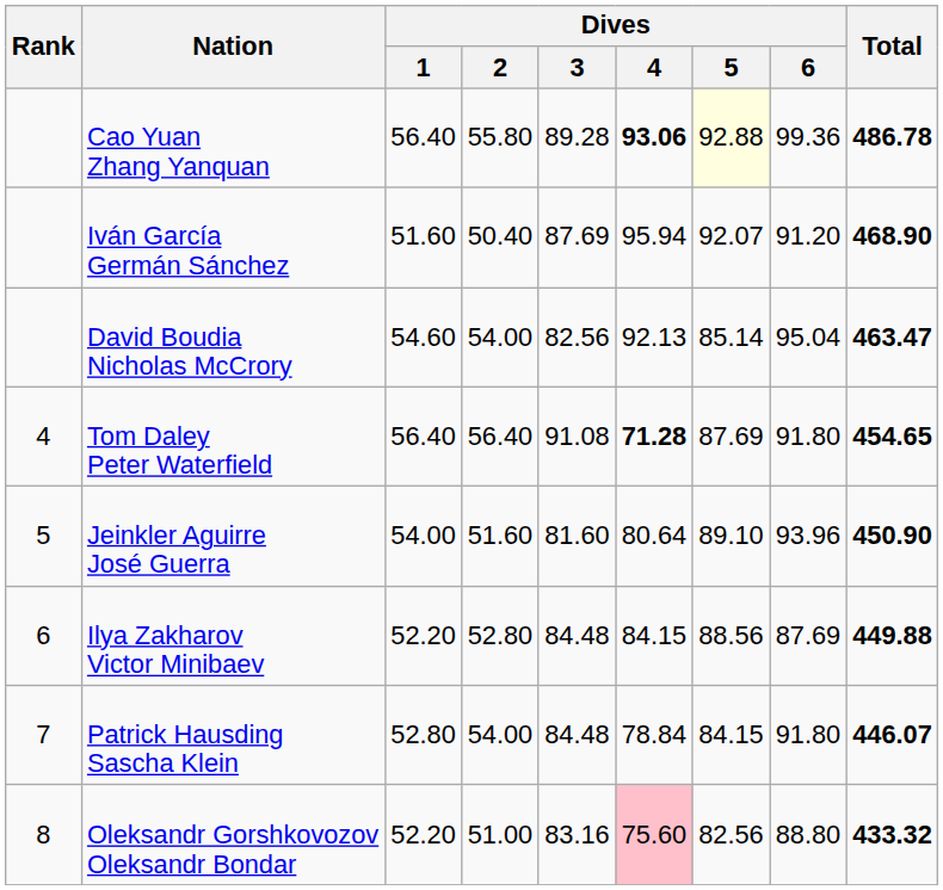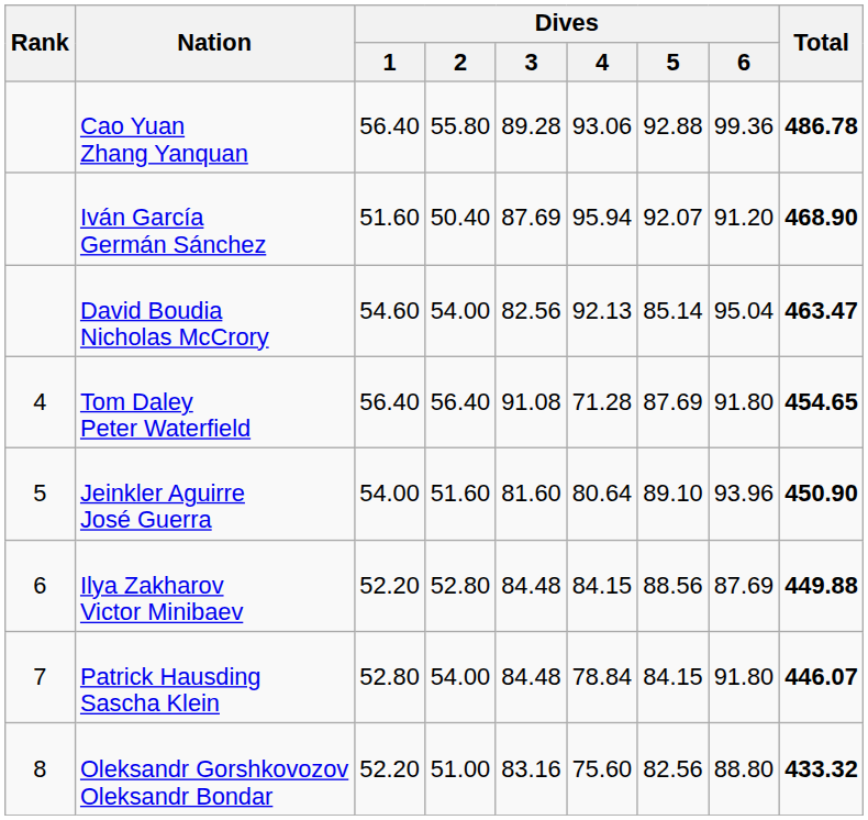 <table class="wikitable sortable">
 <tr>
 <th rowspan="2">Rank</th>
 <th rowspan="2">Nation</th>
 <th colspan="6">Dives</th>
 <th rowspan="2">Total</th>
 </tr>
 <tr>
 <th>1</th>
 <th>2</th>
 <th>3</th>
 <th>4</th>
 <th>5</th>
 <th>6</th>
 </tr>
 <tr>
 <td align="center"></td>
 <td><br><a href='#'>Cao Yuan</a><br><a href='#'>Zhang Yanquan</a></td>
 <td align="center">56.40</td>
 <td align="center">55.80</td>
 <td align="center">89.28</td>
-<td align="center"><strong>93.06</strong></td>
-<td align="center" style="background: lightyellow;">92.88</td>
+<td align="center">93.06</td>
+<td align="center">92.88</td>
 <td align="center">99.36</td>
 <td align="center"><strong>486.78</strong></td>
 </tr>
 <tr>
 <td align="center"></td>
 <td><br><a href='#'>Iván García</a><br><a href='#'>Germán Sánchez</a></td>
 <td align="center">51.60</td>
 <td align="center">50.40</td>
 <td align="center">87.69</td>
 <td align="center">95.94</td>
 <td align="center">92.07</td>
 <td align="center">91.20</td>
 <td align="center"><strong>468.90</strong></td>
 </tr>
 <tr>
 <td align="center"></td>
 <td><br><a href='#'>David Boudia</a><br><a href='#'>Nicholas McCrory</a></td>
 <td align="center">54.60</td>
 <td align="center">54.00</td>
 <td align="center">82.56</td>
 <td align="center">92.13</td>
 <td align="center">85.14</td>
 <td align="center">95.04</td>
 <td align="center"><strong>463.47</strong></td>
 </tr>
 <tr>
 <td align="center">4</td>
 <td><br><a href='#'>Tom Daley</a><br><a href='#'>Peter Waterfield</a></td>
 <td align="center">56.40</td>
 <td align="center">56.40</td>
 <td align="center">91.08</td>
-<td align="center"><strong>71.28</strong></td>
+<td align="center">71.28</td>
 <td align="center">87.69</td>
 <td align="center">91.80</td>
 <td align="center"><strong>454.65</strong></td>
 </tr>
 <tr>
 <td align="center">5</td>
 <td><br><a href='#'>Jeinkler Aguirre</a><br><a href='#'>José Guerra</a></td>
 <td align="center">54.00</td>
 <td align="center">51.60</td>
 <td align="center">81.60</td>
 <td align="center">80.64</td>
 <td align="center">89.10</td>
 <td align="center">93.96</td>
 <td align="center"><strong>450.90</strong></td>
 </tr>
 <tr>
 <td align="center">6</td>
 <td><br><a href='#'>Ilya Zakharov</a><br><a href='#'>Victor Minibaev</a></td>
 <td align="center">52.20</td>
 <td align="center">52.80</td>
 <td align="center">84.48</td>
 <td align="center">84.15</td>
 <td align="center">88.56</td>
 <td align="center">87.69</td>
 <td align="center"><strong>449.88</strong></td>
 </tr>
 <tr>
 <td align="center">7</td>
 <td><br><a href='#'>Patrick Hausding</a><br><a href='#'>Sascha Klein</a></td>
 <td align="center">52.80</td>
 <td align="center">54.00</td>
 <td align="center">84.48</td>
 <td align="center">78.84</td>
 <td align="center">84.15</td>
 <td align="center">91.80</td>
 <td align="center"><strong>446.07</strong></td>
 </tr>
 <tr>
 <td align="center">8</td>
 <td><br><a href='#'>Oleksandr Gorshkovozov</a><br><a href='#'>Oleksandr Bondar</a></td>
 <td align="center">52.20</td>
 <td align="center">51.00</td>
 <td align="center">83.16</td>
-<td align="center" style="background: pink;">75.60</td>
+<td align="center">75.60</td>
 <td align="center">82.56</td>
 <td align="center">88.80</td>
 <td align="center"><strong>433.32</strong></td>
 </tr>
 </table>
